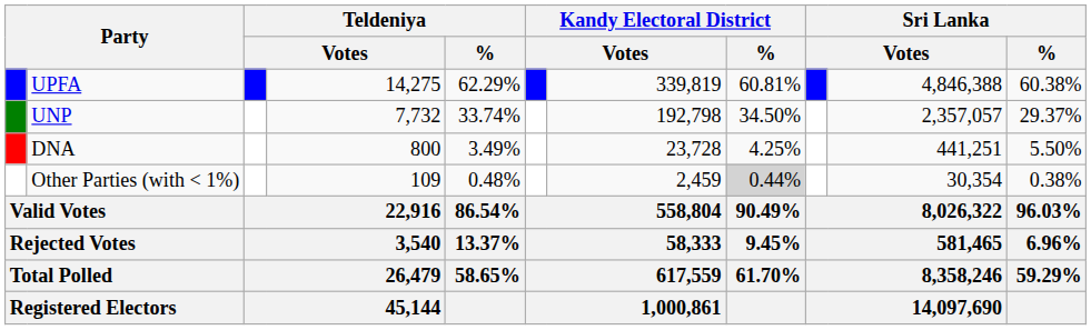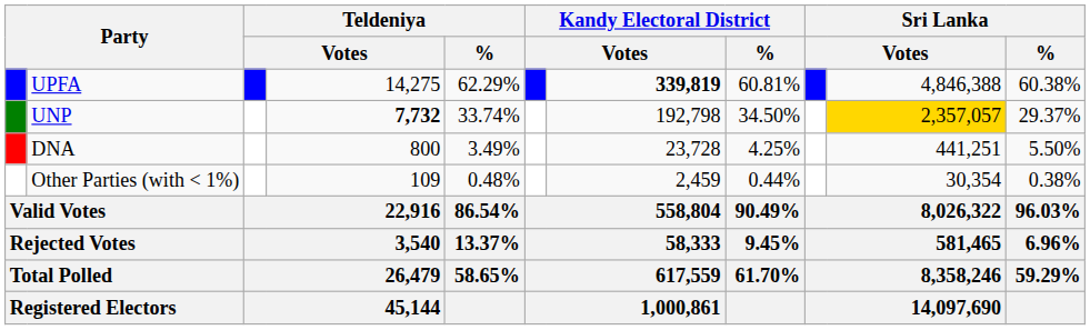 <table class="wikitable">
 <tr>
 <th colspan="2" width="144px"rowspan="2">Party</th>
 <th colspan="3" width="216px">Teldeniya</th>
 <th colspan="3" width="216px"><a href='#'>Kandy Electoral District</a></th>
 <th colspan="3" width="216px">Sri Lanka</th>
 </tr>
 <tr>
 <th colspan="2" width="144px">Votes</th>
 <th>%</th>
 <th colspan="2" width="144px">Votes</th>
 <th>%</th>
 <th colspan="2" width="144px">Votes</th>
 <th>%</th>
 </tr>
 <tr>
 <td style="background-color:blue;" width="10px"></td>
 <td style="text-align:left;"><a href='#'>UPFA</a></td>
 <td style="background-color:blue;" width="10px"></td>
 <td style="text-align:right;">14,275</td>
 <td style="text-align:right;">62.29%</td>
 <td style="background-color:blue;" width="10px"></td>
-<td style="text-align:right;">339,819</td>
+<td style="text-align:right;"><strong>339,819</strong></td>
 <td style="text-align:right;">60.81%</td>
 <td style="background-color:blue;" width="10px"></td>
 <td style="text-align:right;">4,846,388</td>
 <td style="text-align:right;">60.38%</td>
 </tr>
 <tr>
 <td style="background-color:green;" width="10px"></td>
 <td style="text-align:left;"><a href='#'>UNP</a></td>
 <td style="background-color:white;" width="10px"></td>
-<td style="text-align:right;">7,732</td>
+<td style="text-align:right;"><strong>7,732</strong></td>
 <td style="text-align:right;">33.74%</td>
 <td style="background-color:white;" width="10px"></td>
 <td style="text-align:right;">192,798</td>
 <td style="text-align:right;">34.50%</td>
 <td style="background-color:white;" width="10px"></td>
-<td style="text-align:right;">2,357,057</td>
+<td style="background: gold; text-align:right;">2,357,057</td>
 <td style="text-align:right;">29.37%</td>
 </tr>
 <tr>
 <td style="background-color:red;" width="10px"></td>
 <td style="text-align:left;">DNA</td>
 <td style="background-color:white;" width="10px"></td>
 <td style="text-align:right;">800</td>
 <td style="text-align:right;">3.49%</td>
 <td style="background-color:white;" width="10px"></td>
 <td style="text-align:right;">23,728</td>
 <td style="text-align:right;">4.25%</td>
 <td style="background-color:white;" width="10px"></td>
 <td style="text-align:right;">441,251</td>
 <td style="text-align:right;">5.50%</td>
 </tr>
 <tr>
 <td style="background-color:white;" width="10px"></td>
 <td style="text-align:left;">Other Parties (with < 1%)</td>
 <td style="background-color:white;" width="10px"></td>
 <td style="text-align:right;">109</td>
 <td style="text-align:right;">0.48%</td>
 <td style="background-color:white;" width="10px"></td>
 <td style="text-align:right;">2,459</td>
-<td style="background: lightgrey; text-align:right;">0.44%</td>
+<td style="text-align:right;">0.44%</td>
 <td style="background-color:white;" width="10px"></td>
 <td style="text-align:right;">30,354</td>
 <td style="text-align:right;">0.38%</td>
 </tr>
 <tr>
 <th colspan="2" width="144px"style="text-align:left;">Valid Votes</th>
 <th style="text-align:right;"colspan="2" width="144px">22,916</th>
 <th style="text-align:right;">86.54%</th>
 <th style="text-align:right;"colspan="2" width="144px">558,804</th>
 <th style="text-align:right;">90.49%</th>
 <th style="text-align:right;"colspan="2" width="144px">8,026,322</th>
 <th style="text-align:right;">96.03%</th>
 </tr>
 <tr>
 <th colspan="2" width="144px"style="text-align:left;">Rejected Votes</th>
 <th style="text-align:right;"colspan="2" width="144px">3,540</th>
 <th style="text-align:right;">13.37%</th>
 <th style="text-align:right;"colspan="2" width="144px">58,333</th>
 <th style="text-align:right;">9.45%</th>
 <th style="text-align:right;"colspan="2" width="144px">581,465</th>
 <th style="text-align:right;">6.96%</th>
 </tr>
 <tr>
 <th colspan="2" width="144px"style="text-align:left;">Total Polled</th>
 <th style="text-align:right;"colspan="2" width="144px">26,479</th>
 <th style="text-align:right;">58.65%</th>
 <th style="text-align:right;"colspan="2" width="144px">617,559</th>
 <th style="text-align:right;">61.70%</th>
 <th style="text-align:right;"colspan="2" width="144px">8,358,246</th>
 <th style="text-align:right;">59.29%</th>
 </tr>
 <tr>
 <th colspan="2" width="144px"style="text-align:left;">Registered Electors</th>
 <th style="text-align:right;"colspan="2" width="144px">45,144</th>
 <th></th>
 <th style="text-align:right;"colspan="2" width="144px">1,000,861</th>
 <th></th>
 <th style="text-align:right;"colspan="2" width="144px">14,097,690</th>
 <th></th>
 </tr>
 </table>
